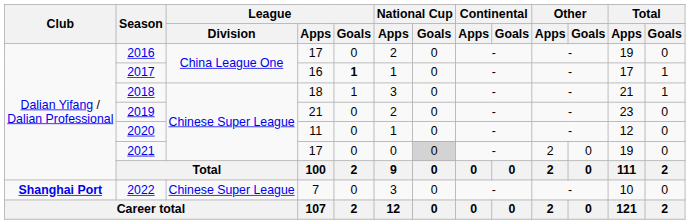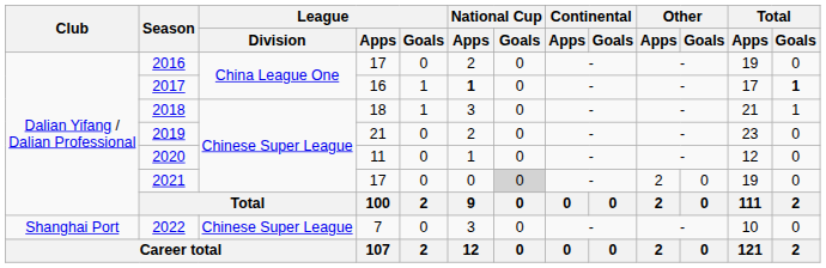 <table class="wikitable" style="text-align: center">
 <tr>
 <th rowspan="2">Club</th>
 <th rowspan="2">Season</th>
 <th colspan="3">League</th>
 <th colspan="2">National Cup</th>
 <th colspan="2">Continental</th>
 <th colspan="2">Other</th>
 <th colspan="2">Total</th>
 </tr>
 <tr>
 <th>Division</th>
 <th>Apps</th>
 <th>Goals</th>
 <th>Apps</th>
 <th>Goals</th>
 <th>Apps</th>
 <th>Goals</th>
 <th>Apps</th>
 <th>Goals</th>
 <th>Apps</th>
 <th>Goals</th>
 </tr>
 <tr>
 <td rowspan="7"><a href='#'>Dalian Yifang</a> /<br><a href='#'>Dalian Professional</a></td>
 <td><a href='#'>2016</a></td>
 <td rowspan="2"><a href='#'>China League One</a></td>
 <td>17</td>
 <td>0</td>
 <td>2</td>
 <td>0</td>
 <td colspan="2">-</td>
 <td colspan="2">-</td>
 <td>19</td>
 <td>0</td>
 </tr>
 <tr>
 <td><a href='#'>2017</a></td>
 <td>16</td>
+<td>1</td>
 <td><strong>1</strong></td>
-<td>1</td>
 <td>0</td>
 <td colspan="2">-</td>
 <td colspan="2">-</td>
 <td>17</td>
-<td>1</td>
+<td><strong>1</strong></td>
 </tr>
 <tr>
 <td><a href='#'>2018</a></td>
 <td rowspan="4"><a href='#'>Chinese Super League</a></td>
 <td>18</td>
 <td>1</td>
 <td>3</td>
 <td>0</td>
 <td colspan="2">-</td>
 <td colspan="2">-</td>
 <td>21</td>
 <td>1</td>
 </tr>
 <tr>
 <td><a href='#'>2019</a></td>
 <td>21</td>
 <td>0</td>
 <td>2</td>
 <td>0</td>
 <td colspan="2">-</td>
 <td colspan="2">-</td>
 <td>23</td>
 <td>0</td>
 </tr>
 <tr>
 <td><a href='#'>2020</a></td>
 <td>11</td>
 <td>0</td>
 <td>1</td>
 <td>0</td>
 <td colspan="2">-</td>
 <td colspan="2">-</td>
 <td>12</td>
 <td>0</td>
 </tr>
 <tr>
 <td><a href='#'>2021</a></td>
 <td>17</td>
 <td>0</td>
 <td>0</td>
 <td style="background: lightgrey;">0</td>
 <td colspan="2">-</td>
 <td>2</td>
 <td>0</td>
 <td>19</td>
 <td>0</td>
 </tr>
 <tr>
 <th colspan="2">Total</th>
 <th>100</th>
 <th>2</th>
 <th>9</th>
 <th>0</th>
 <th>0</th>
 <th>0</th>
 <th>2</th>
 <th>0</th>
 <th>111</th>
 <th>2</th>
 </tr>
 <tr>
-<td><strong><a href='#'>Shanghai Port</a></strong></td>
+<td><a href='#'>Shanghai Port</a></td>
 <td><a href='#'>2022</a></td>
 <td><a href='#'>Chinese Super League</a></td>
 <td>7</td>
 <td>0</td>
 <td>3</td>
 <td>0</td>
 <td colspan="2">-</td>
 <td colspan="2">-</td>
 <td>10</td>
 <td>0</td>
 </tr>
 <tr>
 <th colspan=3>Career total</th>
 <th>107</th>
 <th>2</th>
 <th>12</th>
 <th>0</th>
 <th>0</th>
 <th>0</th>
 <th>2</th>
 <th>0</th>
 <th>121</th>
 <th>2</th>
 </tr>
 </table>
